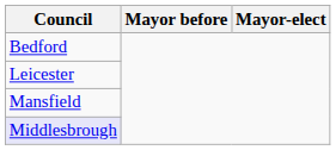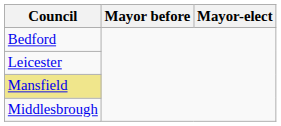 <table class="wikitable">
 <tr>
 <th scope="col">Council</th>
 <th colspan="2">Mayor before</th>
 <th colspan="2">Mayor-elect</th>
 </tr>
 <tr>
 <td><a href='#'>Bedford</a><br> </td>
 </tr>
 <tr>
 <td><a href='#'>Leicester</a><br> </td>
 </tr>
 <tr>
-<td><a href='#'>Mansfield</a><br> </td>
+<td style="background: khaki;"><a href='#'>Mansfield</a><br> </td>
 </tr>
 <tr>
-<td style="background: lavender;"><a href='#'>Middlesbrough</a><br> </td>
+<td><a href='#'>Middlesbrough</a><br> </td>
 </tr>
 </table>
